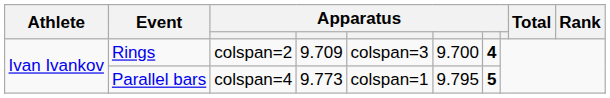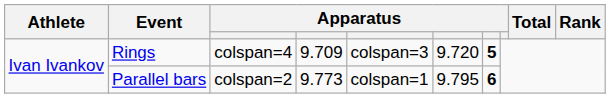 <table class="wikitable" style="font-size:90%">
 <tr>
 <th rowspan=2>Athlete</th>
 <th rowspan=2>Event</th>
 <th colspan =6>Apparatus</th>
 <th rowspan=2>Total</th>
 <th rowspan=2>Rank</th>
 </tr>
 <tr style="font-size:95%">
 <th></th>
 <th></th>
 <th></th>
 <th></th>
 <th></th>
 <th></th>
 </tr>
 <tr align=center>
 <td align=left rowspan=2><a href='#'>Ivan Ivankov</a></td>
 <td align=left><a href='#'>Rings</a></td>
-<td>colspan=2 </td>
+<td>colspan=4 </td>
 <td>9.709</td>
 <td>colspan=3 </td>
-<td>9.700</td>
-<td><strong>4</strong></td>
+<td>9.720</td>
+<td><strong>5</strong></td>
 </tr>
 <tr align=center>
 <td align=left><a href='#'>Parallel bars</a></td>
-<td>colspan=4 </td>
+<td>colspan=2 </td>
 <td>9.773</td>
 <td>colspan=1 </td>
 <td>9.795</td>
-<td><strong>5</strong></td>
+<td><strong>6</strong></td>
 </tr>
 </table>
